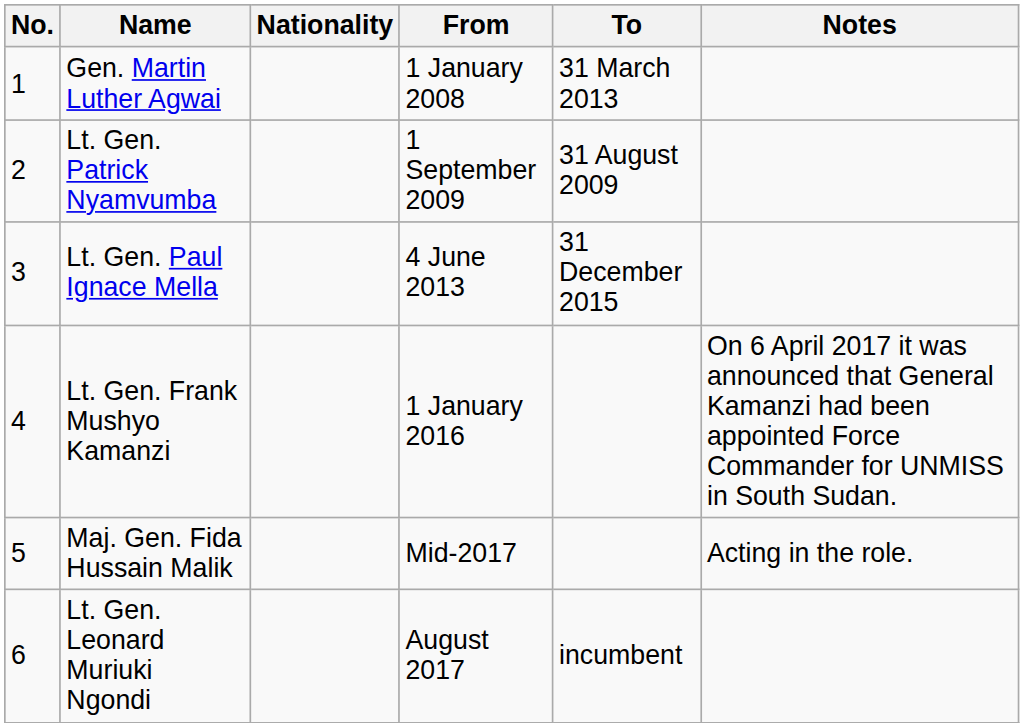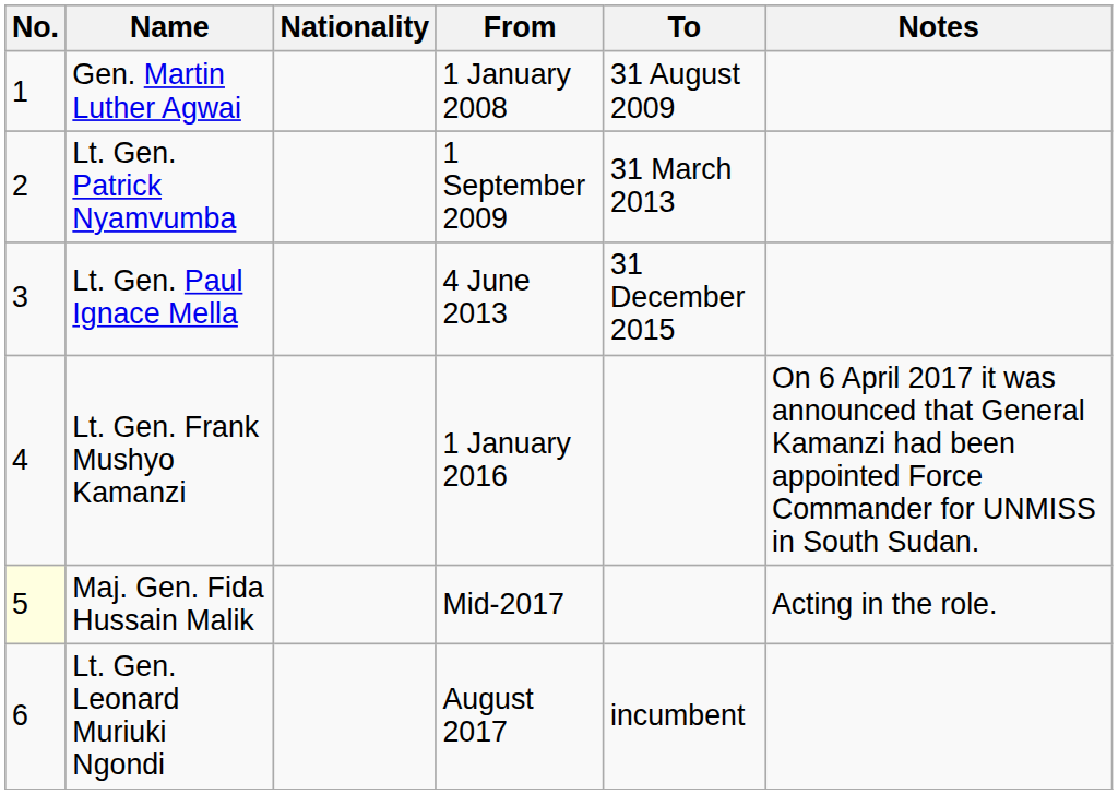 <table class="wikitable">
 <tr>
 <th>No.</th>
 <th>Name</th>
 <th>Nationality</th>
 <th>From</th>
 <th>To</th>
 <th>Notes</th>
 </tr>
 <tr>
 <td>1</td>
 <td>Gen. <a href='#'>Martin Luther Agwai</a></td>
 <td></td>
 <td>1 January 2008</td>
-<td>31 March 2013</td>
+<td>31 August 2009</td>
 <td></td>
 </tr>
 <tr>
 <td>2</td>
 <td>Lt. Gen. <a href='#'>Patrick Nyamvumba</a></td>
 <td></td>
 <td>1 September 2009</td>
-<td>31 August 2009</td>
+<td>31 March 2013</td>
 <td></td>
 </tr>
 <tr>
 <td>3</td>
 <td>Lt. Gen. <a href='#'>Paul Ignace Mella</a></td>
 <td></td>
 <td>4 June 2013</td>
 <td>31 December 2015</td>
 <td></td>
 </tr>
 <tr>
 <td>4</td>
 <td>Lt. Gen. Frank Mushyo Kamanzi</td>
 <td></td>
 <td>1 January 2016</td>
 <td></td>
 <td>On 6 April 2017 it was announced that General Kamanzi had been appointed Force Commander for UNMISS in South Sudan.</td>
 </tr>
 <tr>
-<td>5</td>
+<td style="background: lightyellow;">5</td>
 <td>Maj. Gen. Fida Hussain Malik</td>
 <td></td>
 <td>Mid-2017</td>
 <td></td>
 <td>Acting in the role.</td>
 </tr>
 <tr>
 <td>6</td>
 <td>Lt. Gen. Leonard Muriuki Ngondi</td>
 <td></td>
 <td>August 2017</td>
 <td>incumbent</td>
 <td></td>
 </tr>
 <tr>
 </tr>
 </table>
